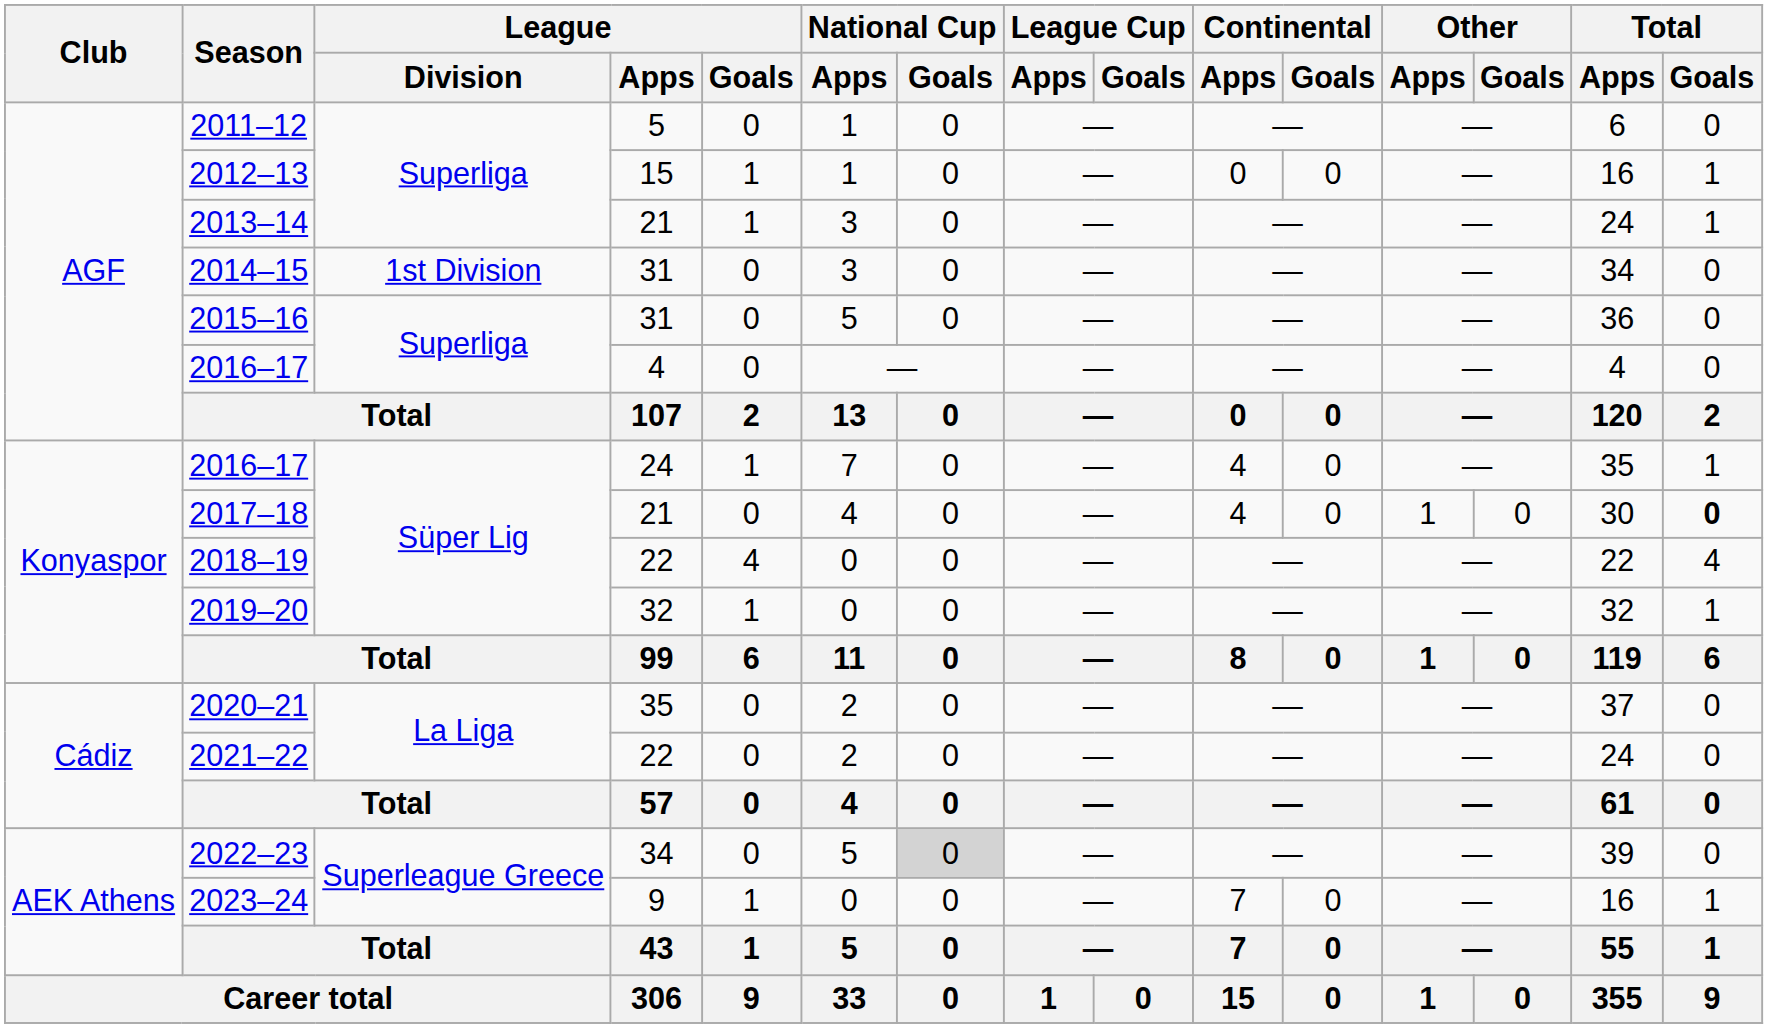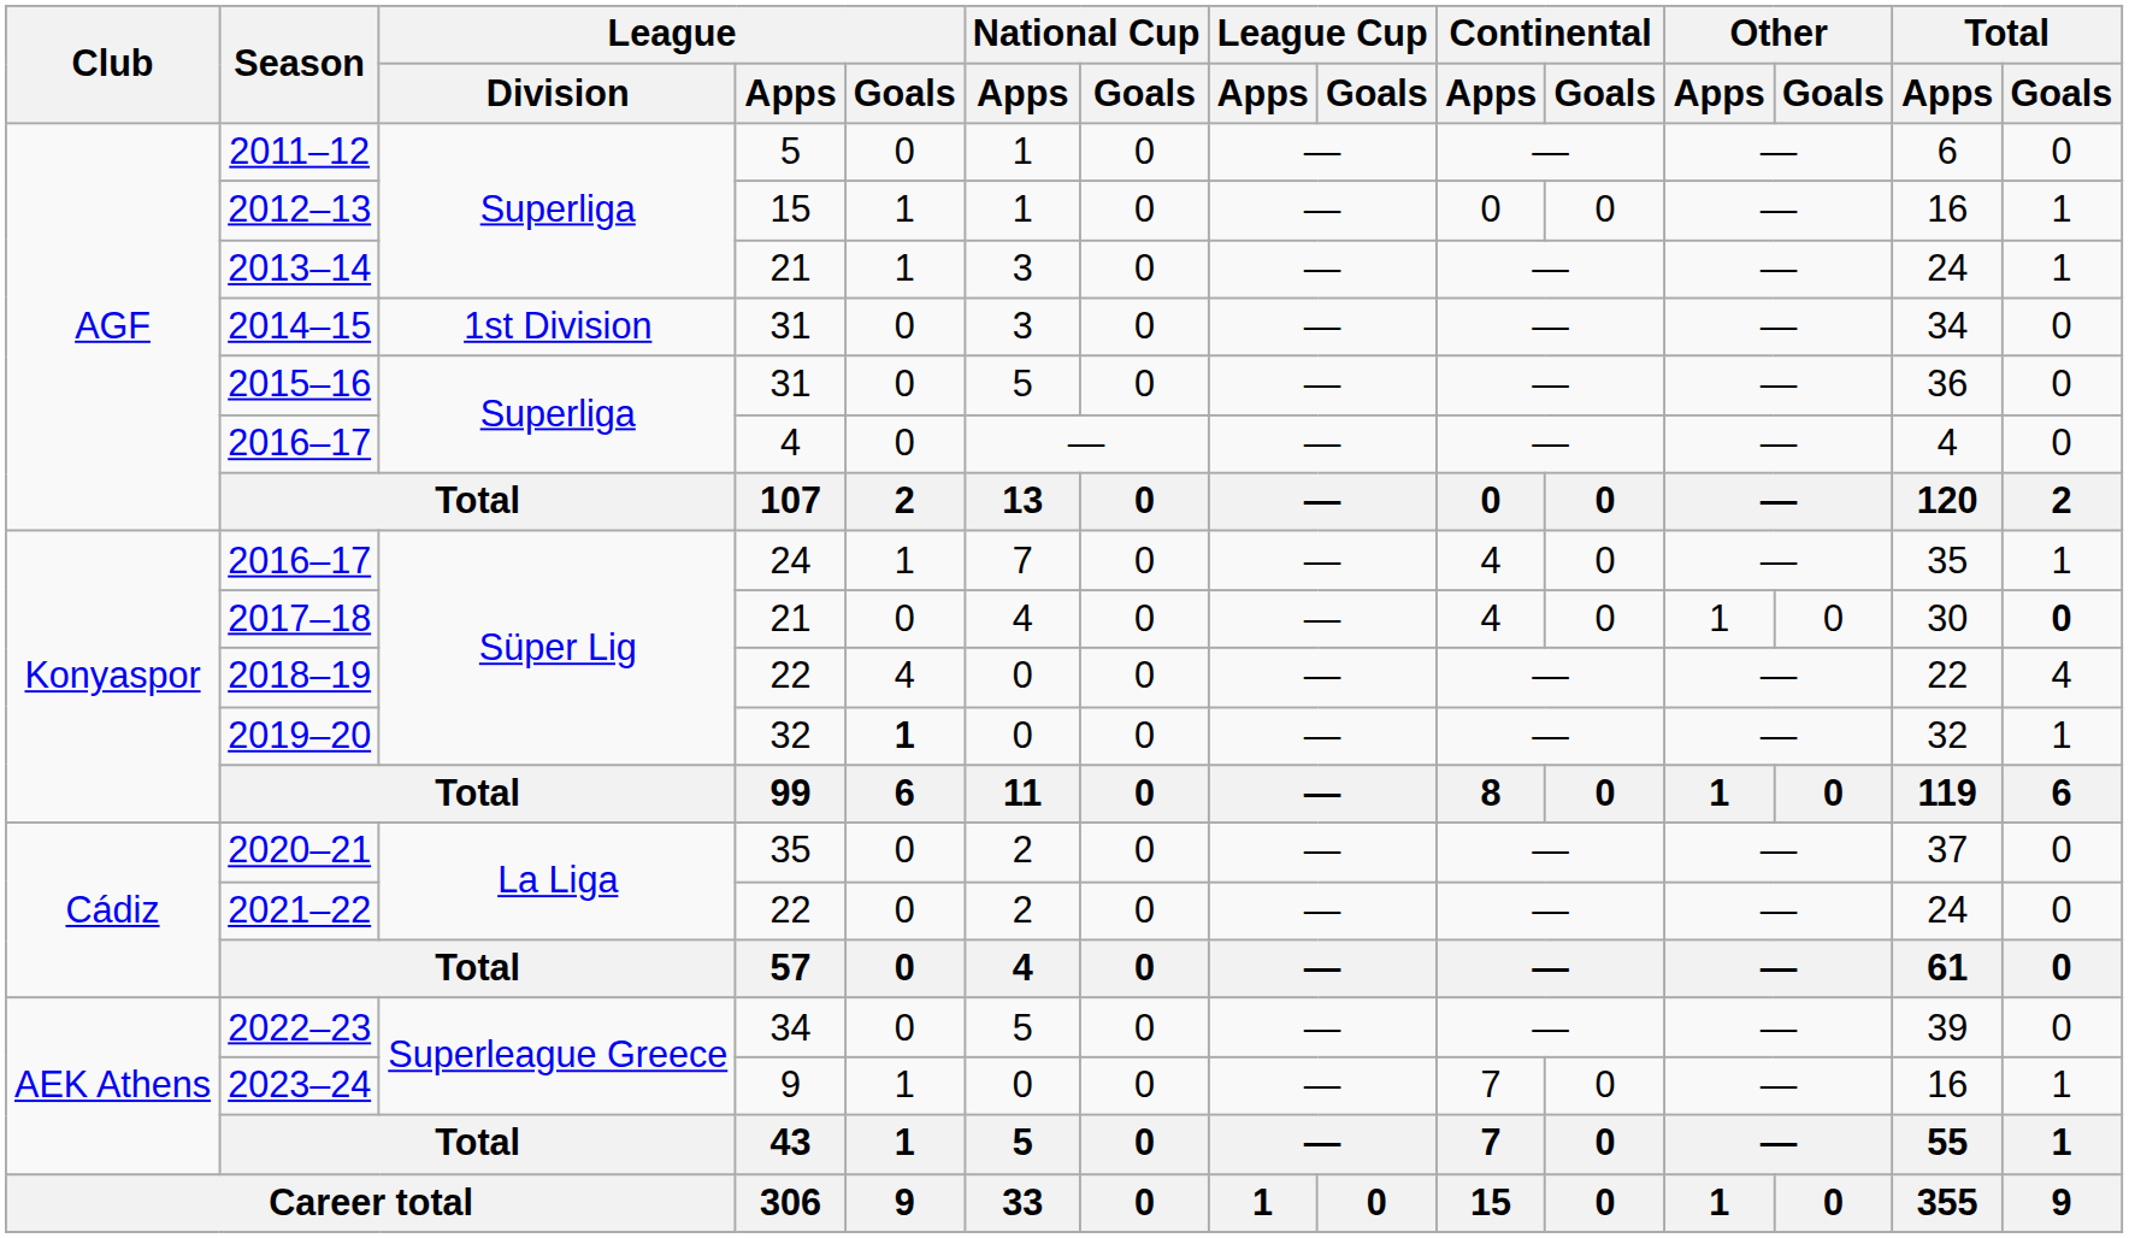 <table class="wikitable" style="text-align:center">
 <tr>
 <th rowspan="2">Club</th>
 <th rowspan="2">Season</th>
 <th colspan="3">League</th>
 <th colspan="2">National Cup</th>
 <th colspan="2">League Cup</th>
 <th colspan="2">Continental</th>
 <th colspan="2">Other</th>
 <th colspan="2">Total</th>
 </tr>
 <tr>
 <th>Division</th>
 <th>Apps</th>
 <th>Goals</th>
 <th>Apps</th>
 <th>Goals</th>
 <th>Apps</th>
 <th>Goals</th>
 <th>Apps</th>
 <th>Goals</th>
 <th>Apps</th>
 <th>Goals</th>
 <th>Apps</th>
 <th>Goals</th>
 </tr>
 <tr>
 <td rowspan="7"><a href='#'>AGF</a></td>
 <td><a href='#'>2011–12</a></td>
 <td rowspan="3"><a href='#'>Superliga</a></td>
 <td>5</td>
 <td>0</td>
 <td>1</td>
 <td>0</td>
 <td colspan="2">—</td>
 <td colspan="2">—</td>
 <td colspan="2">—</td>
 <td>6</td>
 <td>0</td>
 </tr>
 <tr>
 <td><a href='#'>2012–13</a></td>
 <td>15</td>
 <td>1</td>
 <td>1</td>
 <td>0</td>
 <td colspan="2">—</td>
 <td>0</td>
 <td>0</td>
 <td colspan="2">—</td>
 <td>16</td>
 <td>1</td>
 </tr>
 <tr>
 <td><a href='#'>2013–14</a></td>
 <td>21</td>
 <td>1</td>
 <td>3</td>
 <td>0</td>
 <td colspan="2">—</td>
 <td colspan="2">—</td>
 <td colspan="2">—</td>
 <td>24</td>
 <td>1</td>
 </tr>
 <tr>
 <td><a href='#'>2014–15</a></td>
 <td><a href='#'>1st Division</a></td>
 <td>31</td>
 <td>0</td>
 <td>3</td>
 <td>0</td>
 <td colspan="2">—</td>
 <td colspan="2">—</td>
 <td colspan="2">—</td>
 <td>34</td>
 <td>0</td>
 </tr>
 <tr>
 <td><a href='#'>2015–16</a></td>
 <td rowspan="2"><a href='#'>Superliga</a></td>
 <td>31</td>
 <td>0</td>
 <td>5</td>
 <td>0</td>
 <td colspan="2">—</td>
 <td colspan="2">—</td>
 <td colspan="2">—</td>
 <td>36</td>
 <td>0</td>
 </tr>
 <tr>
 <td><a href='#'>2016–17</a></td>
 <td>4</td>
 <td>0</td>
 <td colspan="2">—</td>
 <td colspan="2">—</td>
 <td colspan="2">—</td>
 <td colspan="2">—</td>
 <td>4</td>
 <td>0</td>
 </tr>
 <tr>
 <th colspan="2">Total</th>
 <th>107</th>
 <th>2</th>
 <th>13</th>
 <th>0</th>
 <th colspan="2">—</th>
 <th>0</th>
 <th>0</th>
 <th colspan="2">—</th>
 <th>120</th>
 <th>2</th>
 </tr>
 <tr>
 <td rowspan="5"><a href='#'>Konyaspor</a></td>
 <td><a href='#'>2016–17</a></td>
 <td rowspan="4"><a href='#'>Süper Lig</a></td>
 <td>24</td>
 <td>1</td>
 <td>7</td>
 <td>0</td>
 <td colspan="2">—</td>
 <td>4</td>
 <td>0</td>
 <td colspan="2">—</td>
 <td>35</td>
 <td>1</td>
 </tr>
 <tr>
 <td><a href='#'>2017–18</a></td>
 <td>21</td>
 <td>0</td>
 <td>4</td>
 <td>0</td>
 <td colspan="2">—</td>
 <td>4</td>
 <td>0</td>
 <td>1</td>
 <td>0</td>
 <td>30</td>
 <td><strong>0</strong></td>
 </tr>
 <tr>
 <td><a href='#'>2018–19</a></td>
 <td>22</td>
 <td>4</td>
 <td>0</td>
 <td>0</td>
 <td colspan="2">—</td>
 <td colspan="2">—</td>
 <td colspan="2">—</td>
 <td>22</td>
 <td>4</td>
 </tr>
 <tr>
 <td><a href='#'>2019–20</a></td>
 <td>32</td>
-<td>1</td>
+<td><strong>1</strong></td>
 <td>0</td>
 <td>0</td>
 <td colspan="2">—</td>
 <td colspan="2">—</td>
 <td colspan="2">—</td>
 <td>32</td>
 <td>1</td>
 </tr>
 <tr>
 <th colspan="2">Total</th>
 <th>99</th>
 <th>6</th>
 <th>11</th>
 <th>0</th>
 <th colspan="2">—</th>
 <th>8</th>
 <th>0</th>
 <th>1</th>
 <th>0</th>
 <th>119</th>
 <th>6</th>
 </tr>
 <tr>
 <td rowspan="3"><a href='#'>Cádiz</a></td>
 <td><a href='#'>2020–21</a></td>
 <td rowspan="2"><a href='#'>La Liga</a></td>
 <td>35</td>
 <td>0</td>
 <td>2</td>
 <td>0</td>
 <td colspan="2">—</td>
 <td colspan="2">—</td>
 <td colspan="2">—</td>
 <td>37</td>
 <td>0</td>
 </tr>
 <tr>
 <td><a href='#'>2021–22</a></td>
 <td>22</td>
 <td>0</td>
 <td>2</td>
 <td>0</td>
 <td colspan="2">—</td>
 <td colspan="2">—</td>
 <td colspan="2">—</td>
 <td>24</td>
 <td>0</td>
 </tr>
 <tr>
 <th colspan="2">Total</th>
 <th>57</th>
 <th>0</th>
 <th>4</th>
 <th>0</th>
 <th colspan="2">—</th>
 <th colspan="2">—</th>
 <th colspan="2">—</th>
 <th>61</th>
 <th>0</th>
 </tr>
 <tr>
 <td rowspan="3"><a href='#'>AEK Athens</a></td>
 <td><a href='#'>2022–23</a></td>
 <td rowspan="2"><a href='#'>Superleague Greece</a></td>
 <td>34</td>
 <td>0</td>
 <td>5</td>
-<td style="background: lightgrey;">0</td>
+<td>0</td>
 <td colspan="2">—</td>
 <td colspan="2">—</td>
 <td colspan="2">—</td>
 <td>39</td>
 <td>0</td>
 </tr>
 <tr>
 <td><a href='#'>2023–24</a></td>
 <td>9</td>
 <td>1</td>
 <td>0</td>
 <td>0</td>
 <td colspan="2">—</td>
 <td>7</td>
 <td>0</td>
 <td colspan="2">—</td>
 <td>16</td>
 <td>1</td>
 </tr>
 <tr>
 <th colspan="2">Total</th>
 <th>43</th>
 <th>1</th>
 <th>5</th>
 <th>0</th>
 <th colspan="2">—</th>
 <th>7</th>
 <th>0</th>
 <th colspan="2">—</th>
 <th>55</th>
 <th>1</th>
 </tr>
 <tr>
 <th colspan="3">Career total</th>
 <th>306</th>
 <th>9</th>
 <th>33</th>
 <th>0</th>
 <th>1</th>
 <th>0</th>
 <th>15</th>
 <th>0</th>
 <th>1</th>
 <th>0</th>
 <th>355</th>
 <th>9</th>
 </tr>
 </table>
